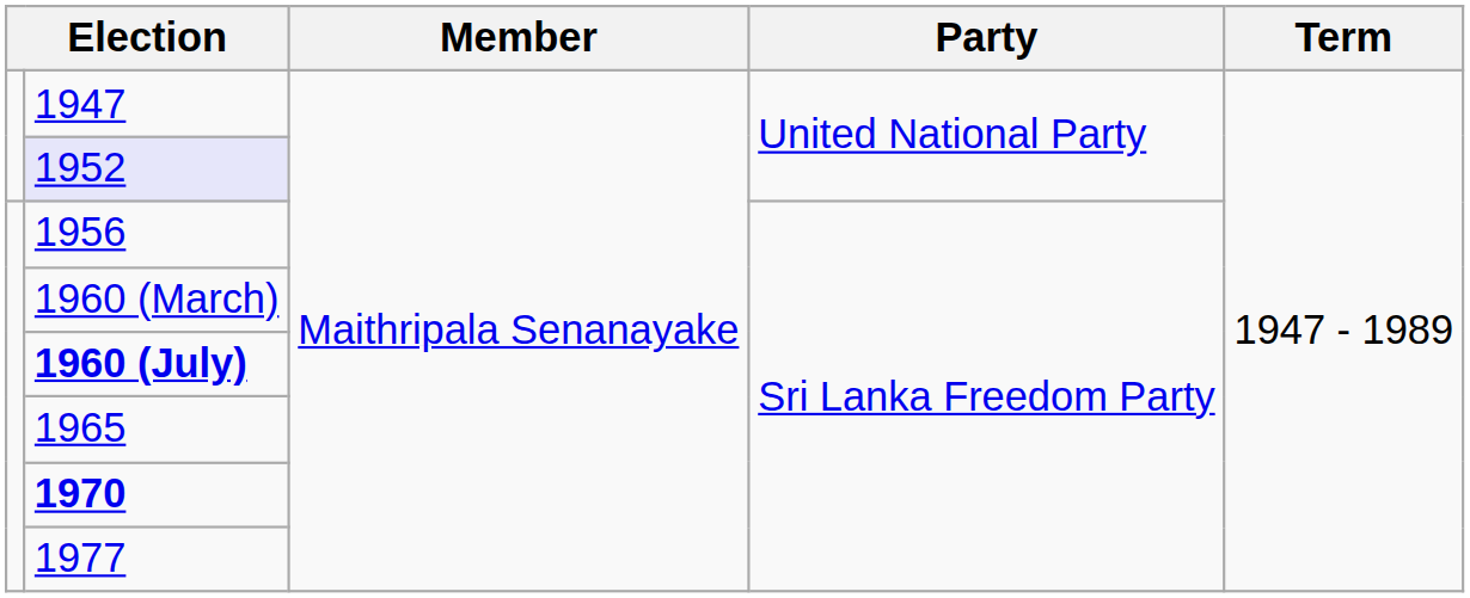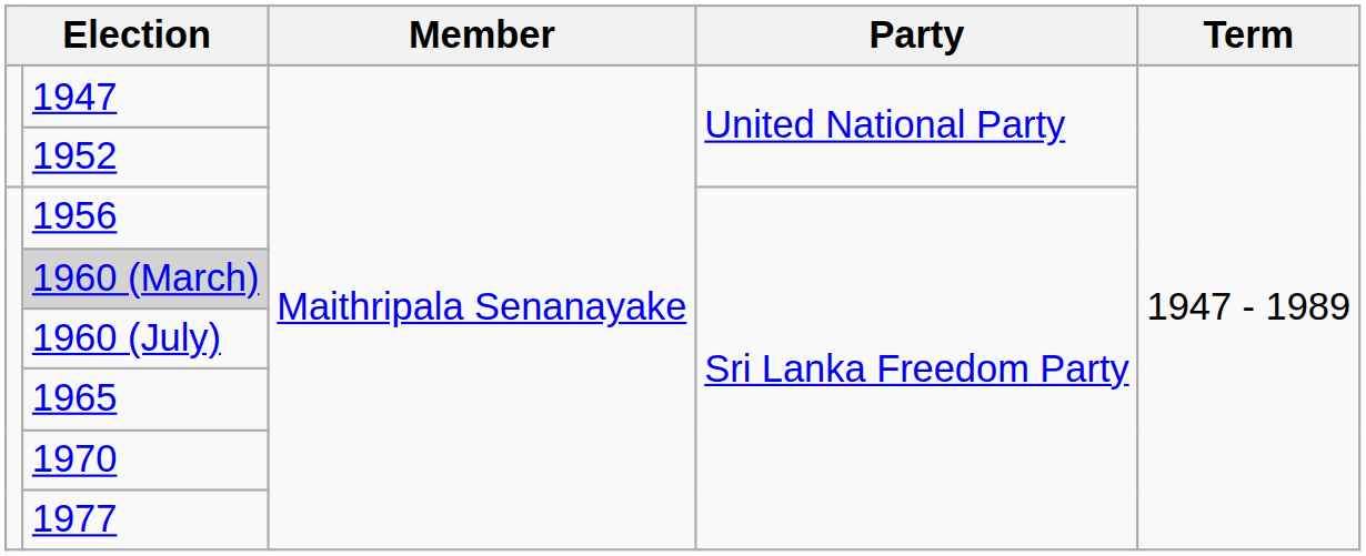 <table class="wikitable">
 <tr>
 <th colspan="2">Election</th>
 <th>Member</th>
 <th>Party</th>
 <th>Term</th>
 </tr>
 <tr>
 <td rowspan=2 style="background-color: "></td>
 <td><a href='#'>1947</a></td>
 <td rowspan=8><a href='#'>Maithripala Senanayake</a></td>
 <td rowspan=2><a href='#'>United National Party</a></td>
 <td rowspan=8>1947 - 1989</td>
 </tr>
 <tr>
-<td style="background: lavender;"><a href='#'>1952</a></td>
+<td><a href='#'>1952</a></td>
 </tr>
 <tr>
 <td rowspan=6 style="background-color: "></td>
 <td><a href='#'>1956</a></td>
 <td rowspan=6><a href='#'>Sri Lanka Freedom Party</a></td>
 </tr>
 <tr>
-<td><a href='#'>1960 (March)</a></td>
+<td style="background: lightgrey;"><a href='#'>1960 (March)</a></td>
 </tr>
 <tr>
-<td><strong><a href='#'>1960 (July)</a></strong></td>
+<td><a href='#'>1960 (July)</a></td>
 </tr>
 <tr>
 <td><a href='#'>1965</a></td>
 </tr>
 <tr>
-<td><strong><a href='#'>1970</a></strong></td>
+<td><a href='#'>1970</a></td>
 </tr>
 <tr>
 <td><a href='#'>1977</a></td>
 </tr>
 </table>
